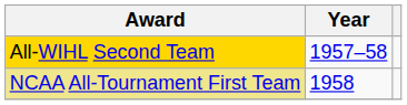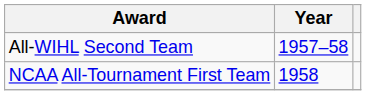 <table class="wikitable">
 <tr>
 <th>Award</th>
 <th>Year</th>
 <th></th>
 </tr>
 <tr>
-<td style="background: gold;">All-<a href='#'>WIHL</a> <a href='#'>Second Team</a></td>
+<td>All-<a href='#'>WIHL</a> <a href='#'>Second Team</a></td>
 <td><a href='#'>1957–58</a></td>
 <td></td>
 </tr>
 <tr>
-<td style="background: khaki;"><a href='#'>NCAA</a> <a href='#'>All-Tournament First Team</a></td>
+<td><a href='#'>NCAA</a> <a href='#'>All-Tournament First Team</a></td>
 <td><a href='#'>1958</a></td>
 <td></td>
 </tr>
 <tr>
 </tr>
 </table>
